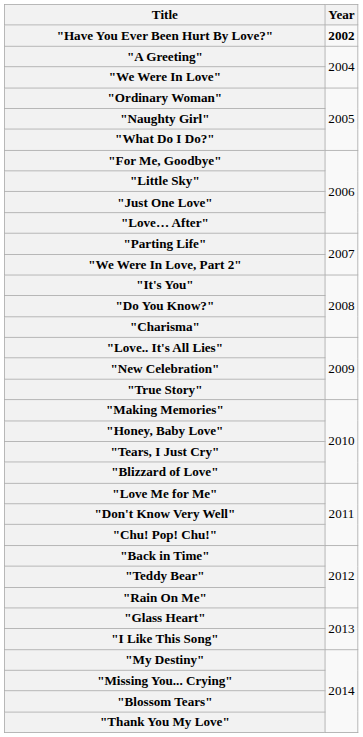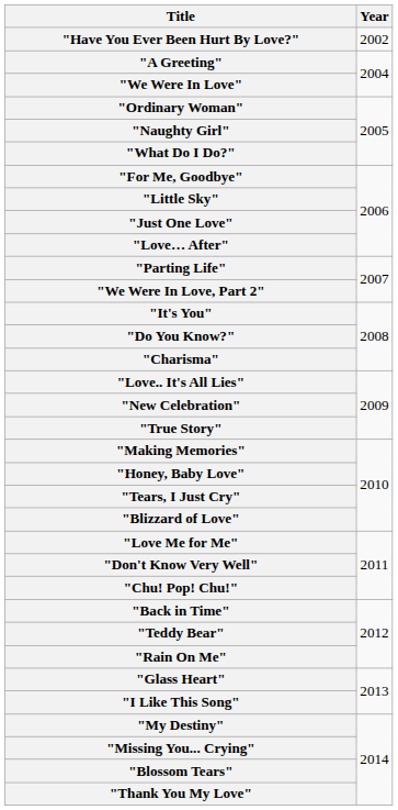 <table class="wikitable plainrowheaders" style="text-align:center;">
 <tr>
 <th scope="col" style="width:24em;">Title</th>
 <th scope="col">Year</th>
 </tr>
 <tr>
 <th scope="row">"Have You Ever Been Hurt By Love?"</th>
-<td><strong>2002</strong></td>
+<td>2002</td>
 </tr>
 <tr>
 <th scope="row">"A Greeting"</th>
 <td rowspan="2">2004</td>
 </tr>
 <tr>
 <th scope="row">"We Were In Love"</th>
 </tr>
 <tr>
 <th scope="row">"Ordinary Woman"</th>
 <td rowspan="3">2005</td>
 </tr>
 <tr>
 <th scope="row">"Naughty Girl"</th>
 </tr>
 <tr>
 <th scope="row">"What Do I Do?"</th>
 </tr>
 <tr>
 <th scope="row">"For Me, Goodbye"</th>
 <td rowspan="4">2006</td>
 </tr>
 <tr>
 <th scope="row">"Little Sky"</th>
 </tr>
 <tr>
 <th scope="row">"Just One Love"</th>
 </tr>
 <tr>
 <th scope="row">"Love… After"</th>
 </tr>
 <tr>
 <th scope="row">"Parting Life"</th>
 <td rowspan="2">2007</td>
 </tr>
 <tr>
 <th scope="row">"We Were In Love, Part 2"</th>
 </tr>
 <tr>
 <th scope="row">"It's You"</th>
 <td rowspan="3">2008</td>
 </tr>
 <tr>
 <th scope="row">"Do You Know?"</th>
 </tr>
 <tr>
 <th scope="row">"Charisma"</th>
 </tr>
 <tr>
 <th scope="row">"Love.. It's All Lies"</th>
 <td rowspan="3">2009</td>
 </tr>
 <tr>
 <th scope="row">"New Celebration"</th>
 </tr>
 <tr>
 <th scope="row">"True Story"</th>
 </tr>
 <tr>
 <th scope="row">"Making Memories"</th>
 <td rowspan="4">2010</td>
 </tr>
 <tr>
 <th scope="row">"Honey, Baby Love"</th>
 </tr>
 <tr>
 <th scope="row">"Tears, I Just Cry"</th>
 </tr>
 <tr>
 <th scope="row">"Blizzard of Love"</th>
 </tr>
 <tr>
 <th scope="row">"Love Me for Me"</th>
 <td rowspan="3">2011</td>
 </tr>
 <tr>
 <th scope="row">"Don't Know Very Well"</th>
 </tr>
 <tr>
 <th scope="row">"Chu! Pop! Chu!"</th>
 </tr>
 <tr>
 <th scope="row">"Back in Time"</th>
 <td rowspan="3">2012</td>
 </tr>
 <tr>
 <th scope="row">"Teddy Bear"</th>
 </tr>
 <tr>
 <th scope="row">"Rain On Me"</th>
 </tr>
 <tr>
 <th scope="row">"Glass Heart"</th>
 <td rowspan="2">2013</td>
 </tr>
 <tr>
 <th scope="row">"I Like This Song"</th>
 </tr>
 <tr>
 <th scope="row">"My Destiny"</th>
 <td rowspan="4">2014</td>
 </tr>
 <tr>
 <th scope="row">"Missing You... Crying"</th>
 </tr>
 <tr>
 <th scope="row">"Blossom Tears"</th>
 </tr>
 <tr>
 <th scope="row">"Thank You My Love"</th>
 </tr>
 </table>
